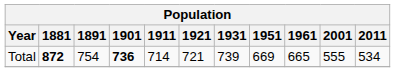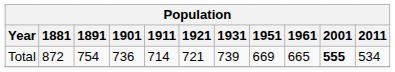 <table class="wikitable" style="margin: 1em auto 1em auto;">
 <tr>
 <th colspan="11">Population</th>
 </tr>
 <tr>
 <th>Year</th>
 <th>1881</th>
 <th>1891</th>
 <th>1901</th>
 <th>1911</th>
 <th>1921</th>
 <th>1931</th>
 <th>1951</th>
 <th>1961</th>
 <th>2001</th>
 <th>2011</th>
 </tr>
 <tr>
 <td>Total</td>
-<td><strong>872</strong></td>
+<td>872</td>
 <td>754</td>
-<td><strong>736</strong></td>
+<td>736</td>
 <td>714</td>
 <td>721</td>
 <td>739</td>
 <td>669</td>
 <td>665</td>
-<td>555</td>
+<td><strong>555</strong></td>
 <td>534</td>
 </tr>
 <tr>
 </tr>
 </table>
